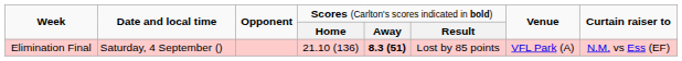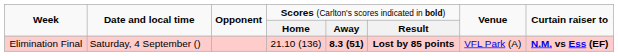 <table class="wikitable" style="font-size:90%; text-align:center; width: 100%; margin-left: auto; margin-right: auto;">
 <tr>
 <td rowspan=2><strong>Week</strong></td>
 <td rowspan=2><strong>Date and local time</strong></td>
 <td rowspan=2><strong>Opponent</strong></td>
 <td colspan=3><strong>Scores</strong> <small>(Carlton's scores indicated in <strong>bold</strong>)</small></td>
 <td rowspan=2><strong>Venue</strong></td>
 <td rowspan=2><strong>Curtain raiser to</strong></td>
 </tr>
 <tr>
 <th>Home</th>
 <th>Away</th>
 <th>Result</th>
 </tr>
 <tr style="background:#fcc;">
 <td>Elimination Final</td>
 <td align=left>Saturday, 4 September ()</td>
 <td align=left></td>
 <td>21.10 (136)</td>
 <td><strong>8.3 (51)</strong></td>
-<td>Lost by 85 points</td>
+<td><strong>Lost by 85 points</strong></td>
 <td><a href='#'>VFL Park</a> (A)</td>
-<td><a href='#'>N.M.</a> vs <a href='#'>Ess</a> (EF)</td>
+<td><strong><a href='#'>N.M.</a> vs <a href='#'>Ess</a> (EF)</strong></td>
 </tr>
 </table>
